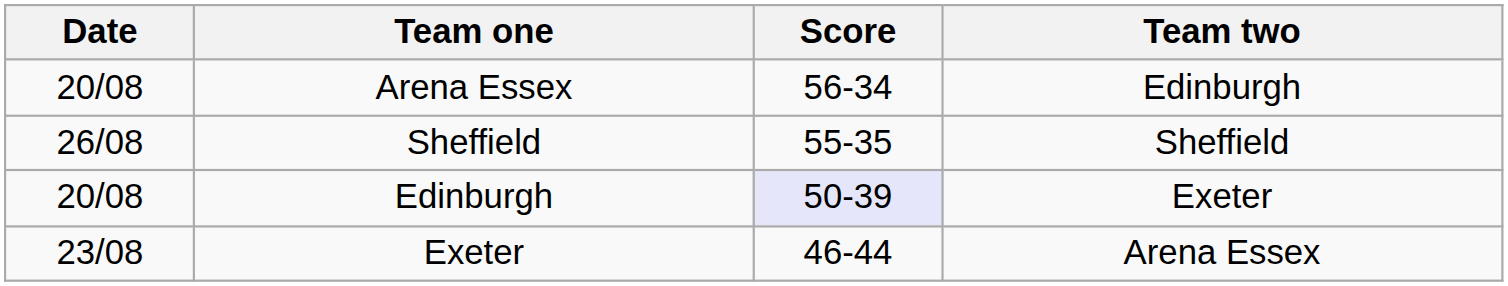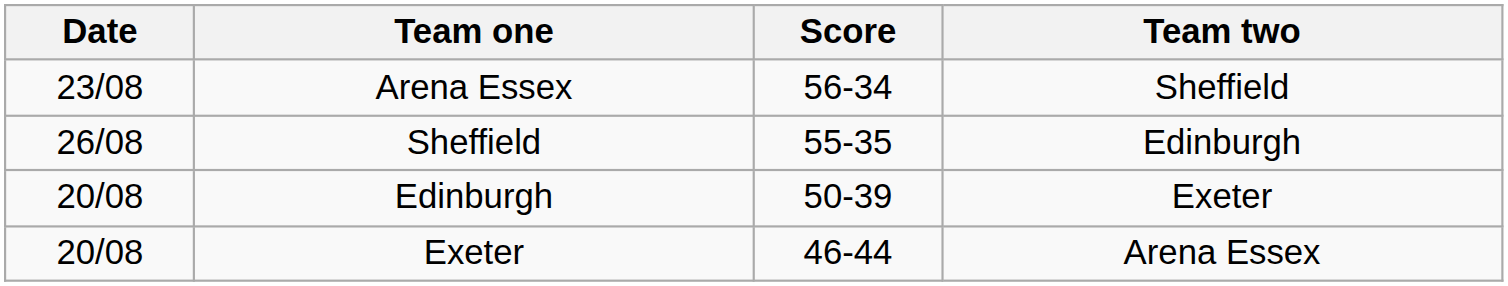 <table class="wikitable" style="text-align: center">
 <tr>
 <th width=80>Date</th>
 <th width=250>Team one</th>
 <th width=80>Score</th>
 <th width=250>Team two</th>
 </tr>
 <tr>
-<td>20/08</td>
+<td>23/08</td>
 <td>Arena Essex</td>
 <td>56-34</td>
-<td>Edinburgh</td>
+<td>Sheffield</td>
 </tr>
 <tr>
 <td>26/08</td>
 <td>Sheffield</td>
 <td>55-35</td>
-<td>Sheffield</td>
+<td>Edinburgh</td>
 </tr>
 <tr>
 <td>20/08</td>
 <td>Edinburgh</td>
-<td style="background: lavender;">50-39</td>
+<td>50-39</td>
 <td>Exeter</td>
 </tr>
 <tr>
-<td>23/08</td>
+<td>20/08</td>
 <td>Exeter</td>
 <td>46-44</td>
 <td>Arena Essex</td>
 </tr>
 </table>
